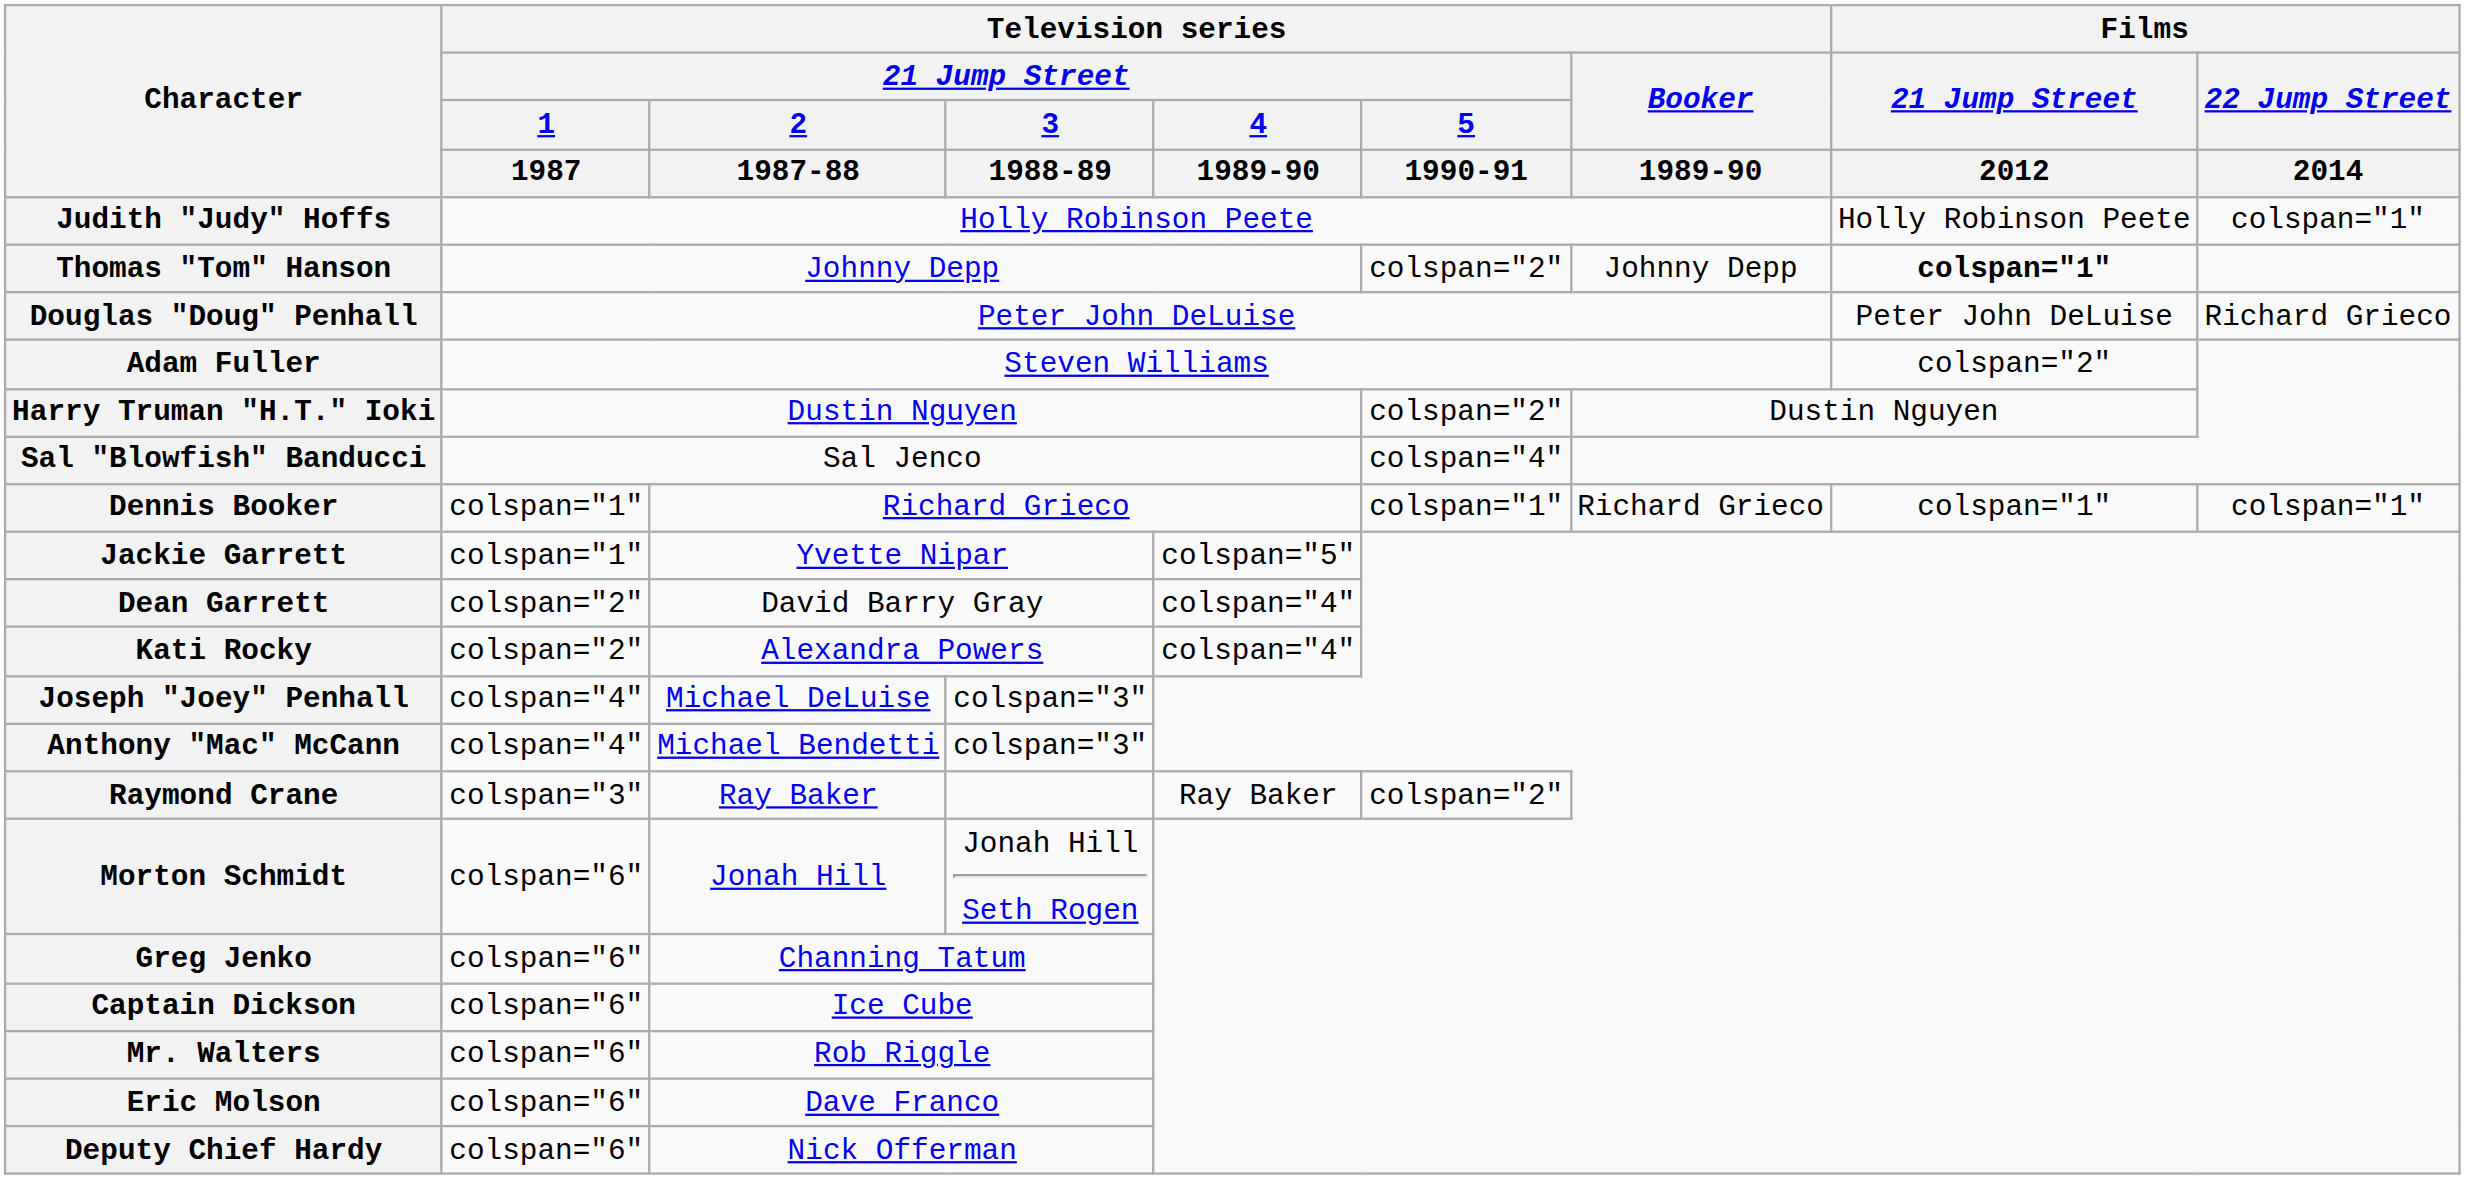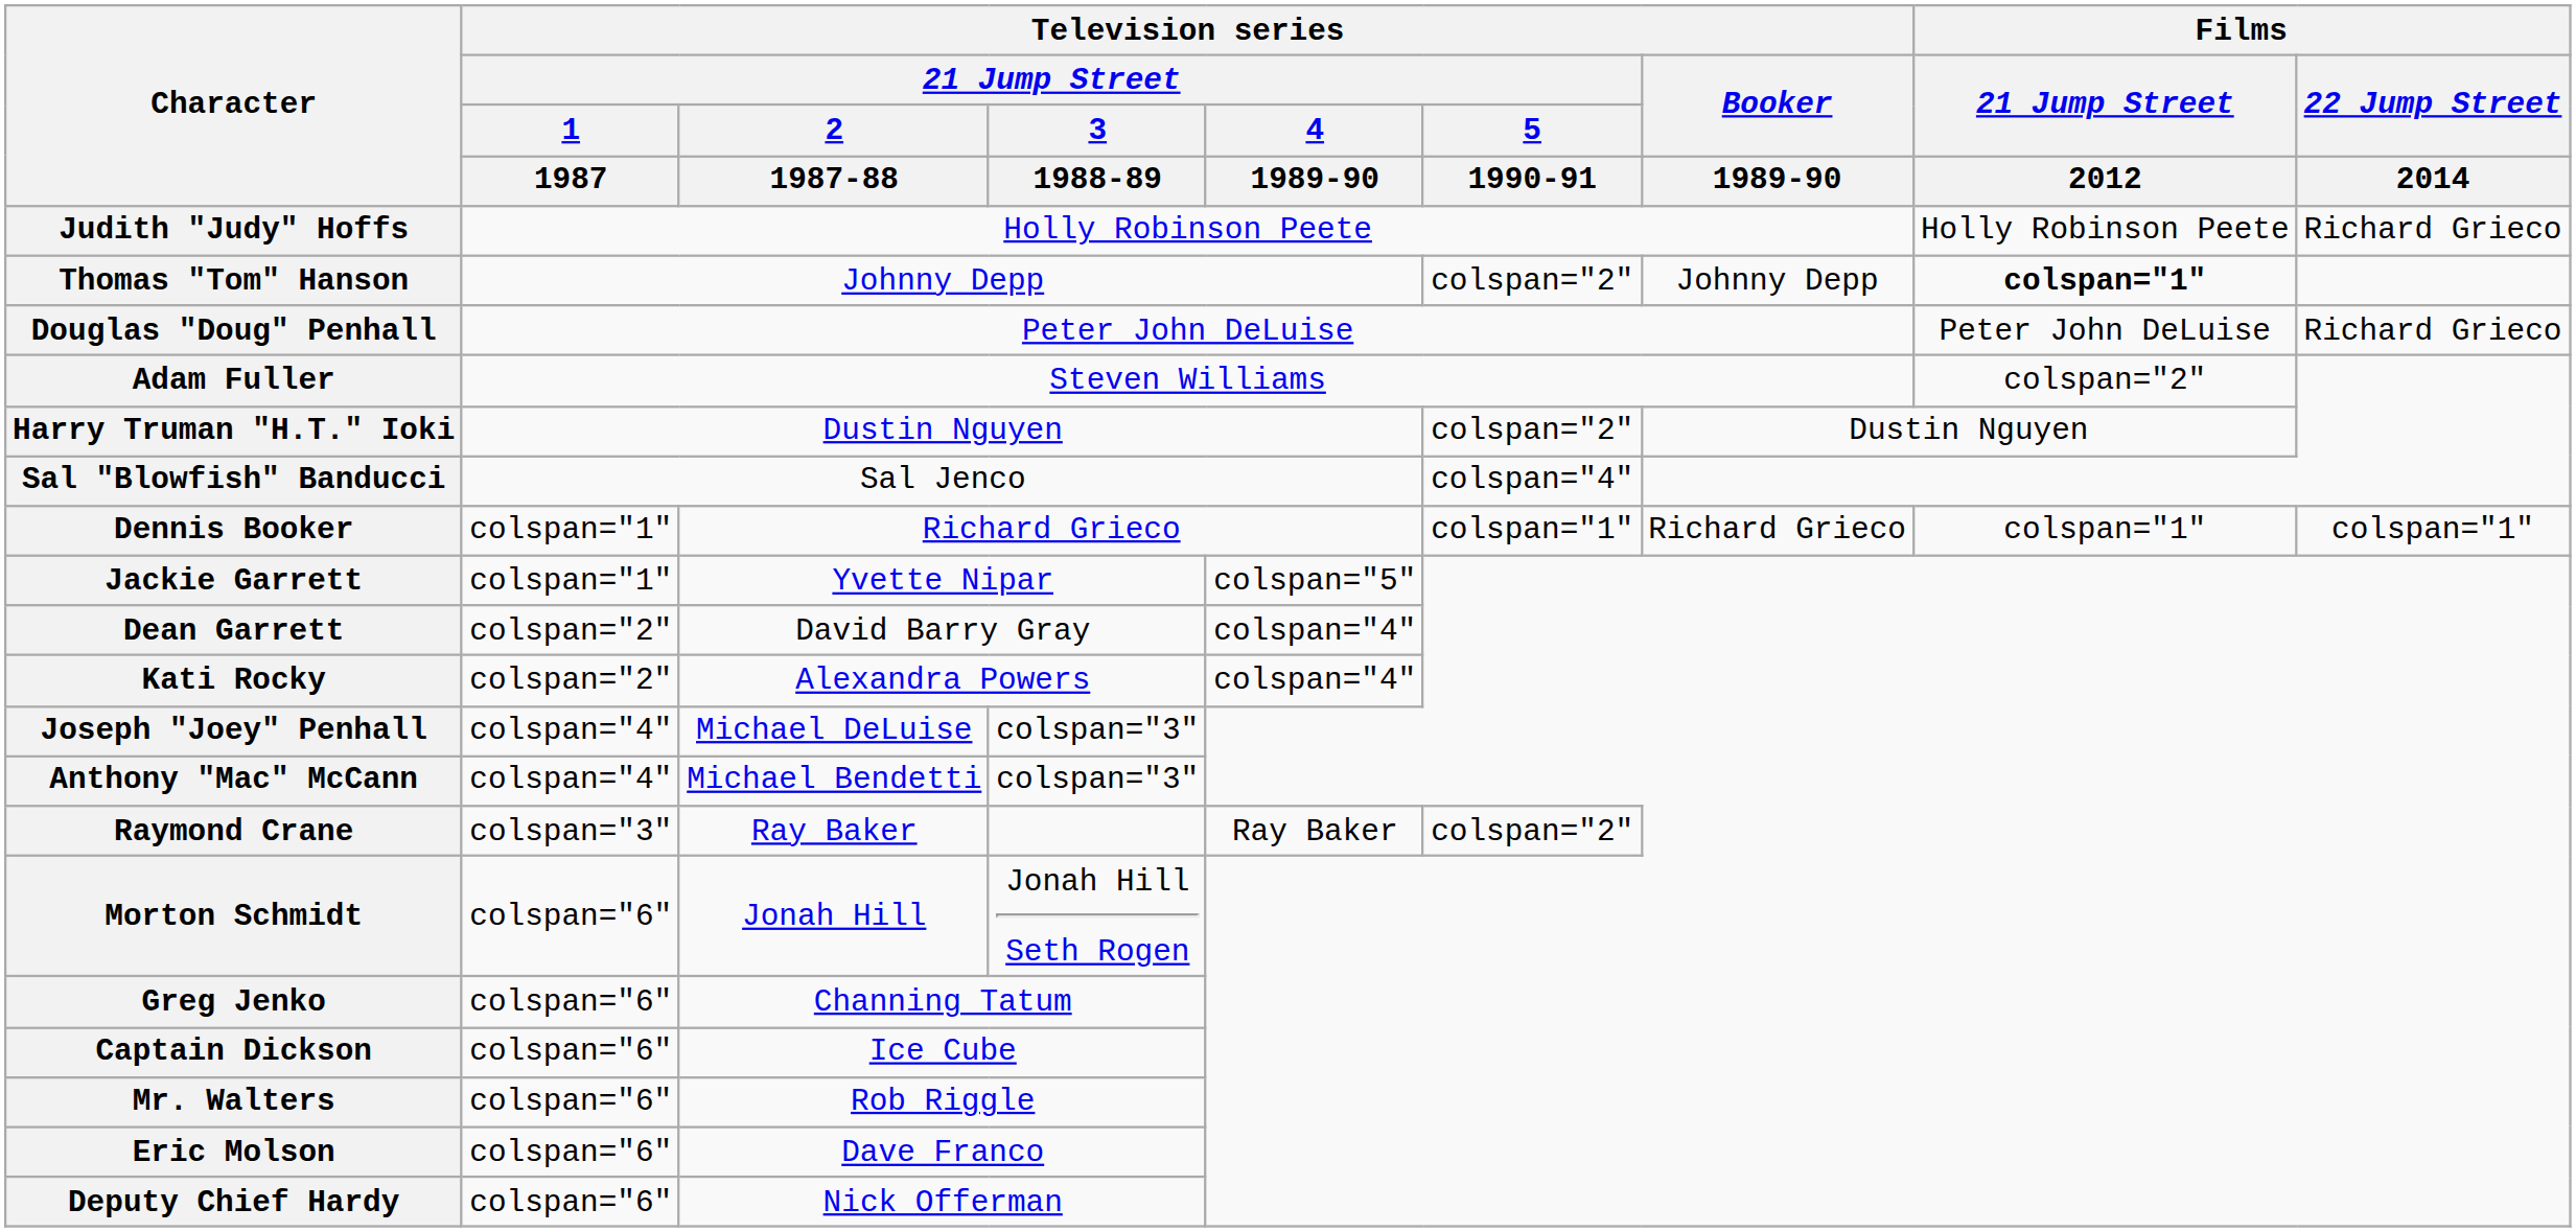 <table class="wikitable" style="text-align:center;">
 <tr>
 <th rowspan="4">Character</th>
 <th colspan="6">Television series</th>
 <th colspan="2">Films</th>
 </tr>
 <tr>
 <th colspan="5"><em><a href='#'>21 Jump Street</a></em></th>
 <th rowspan="2"><em><a href='#'>Booker</a></em></th>
 <th rowspan="2"><em><a href='#'>21 Jump Street</a></em></th>
 <th rowspan="2"><em><a href='#'>22 Jump Street</a></em></th>
 </tr>
 <tr>
 <th><a href='#'>1</a></th>
 <th><a href='#'>2</a></th>
 <th><a href='#'>3</a></th>
 <th><a href='#'>4</a></th>
 <th><a href='#'>5</a></th>
 </tr>
 <tr>
 <th>1987</th>
 <th>1987-88</th>
 <th>1988-89</th>
 <th>1989-90</th>
 <th>1990-91</th>
 <th>1989-90</th>
 <th>2012</th>
 <th>2014</th>
 </tr>
 <tr>
 <th>Judith "Judy" Hoffs</th>
 <td colspan="6"><a href='#'>Holly Robinson Peete</a></td>
 <td>Holly Robinson Peete</td>
-<td>colspan="1" </td>
+<td>Richard Grieco</td>
 </tr>
 <tr>
 <th>Thomas "Tom" Hanson</th>
 <td colspan="4"><a href='#'>Johnny Depp</a></td>
 <td>colspan="2" </td>
 <td>Johnny Depp</td>
 <td><strong>colspan="1" </strong></td>
 </tr>
 <tr>
 <th>Douglas "Doug" Penhall</th>
 <td colspan="6"><a href='#'>Peter John DeLuise</a></td>
 <td>Peter John DeLuise</td>
 <td>Richard Grieco</td>
 </tr>
 <tr>
 <th>Adam Fuller</th>
 <td colspan="6"><a href='#'>Steven Williams</a></td>
 <td>colspan="2" </td>
 </tr>
 <tr>
 <th>Harry Truman "H.T." Ioki <br></th>
 <td colspan="4"><a href='#'>Dustin Nguyen</a></td>
 <td>colspan="2" </td>
 <td colspan="2">Dustin Nguyen</td>
 </tr>
 <tr>
 <th>Sal "Blowfish" Banducci</th>
 <td colspan="4">Sal Jenco</td>
 <td>colspan="4" </td>
 </tr>
 <tr>
 <th>Dennis Booker</th>
 <td>colspan="1" </td>
 <td colspan="3"><a href='#'>Richard Grieco</a></td>
 <td>colspan="1" </td>
 <td>Richard Grieco</td>
 <td>colspan="1" </td>
 <td>colspan="1" </td>
 </tr>
 <tr>
 <th>Jackie Garrett</th>
 <td>colspan="1" </td>
 <td colspan="2"><a href='#'>Yvette Nipar</a></td>
 <td>colspan="5" </td>
 </tr>
 <tr>
 <th>Dean Garrett</th>
 <td>colspan="2" </td>
 <td colspan="2">David Barry Gray</td>
 <td>colspan="4" </td>
 </tr>
 <tr>
 <th>Kati Rocky</th>
 <td>colspan="2" </td>
 <td colspan="2"><a href='#'>Alexandra Powers</a></td>
 <td>colspan="4" </td>
 </tr>
 <tr>
 <th>Joseph "Joey" Penhall</th>
 <td>colspan="4" </td>
 <td colspan="1"><a href='#'>Michael DeLuise</a></td>
 <td>colspan="3" </td>
 </tr>
 <tr>
 <th>Anthony "Mac" McCann</th>
 <td>colspan="4" </td>
 <td colspan="1"><a href='#'>Michael Bendetti</a></td>
 <td>colspan="3" </td>
 </tr>
 <tr>
 <th>Raymond Crane</th>
 <td>colspan="3" </td>
 <td><a href='#'>Ray Baker</a></td>
 <td></td>
 <td>Ray Baker</td>
 <td>colspan="2" </td>
 </tr>
 <tr>
 <th>Morton Schmidt <br></th>
 <td>colspan="6" </td>
 <td><a href='#'>Jonah Hill</a></td>
 <td>Jonah Hill<hr><a href='#'>Seth Rogen</a></td>
 </tr>
 <tr>
 <th>Greg Jenko <br></th>
 <td>colspan="6" </td>
 <td colspan="2"><a href='#'>Channing Tatum</a></td>
 </tr>
 <tr>
 <th>Captain Dickson</th>
 <td>colspan="6" </td>
 <td colspan="2"><a href='#'>Ice Cube</a></td>
 </tr>
 <tr>
 <th>Mr. Walters</th>
 <td>colspan="6" </td>
 <td colspan="2"><a href='#'>Rob Riggle</a></td>
 </tr>
 <tr>
 <th>Eric Molson</th>
 <td>colspan="6" </td>
 <td colspan="2"><a href='#'>Dave Franco</a></td>
 </tr>
 <tr>
 <th>Deputy Chief Hardy</th>
 <td>colspan="6" </td>
 <td colspan="2"><a href='#'>Nick Offerman</a></td>
 </tr>
 </table>
